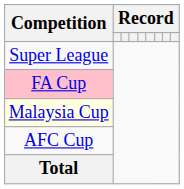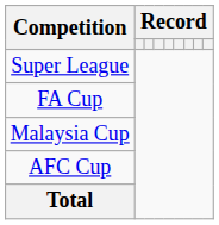 <table class="wikitable" style="text-align: center">
 <tr>
 <th rowspan=2>Competition</th>
 <th colspan=8>Record</th>
 </tr>
 <tr>
 <th></th>
 <th></th>
 <th></th>
 <th></th>
 <th></th>
 <th></th>
 <th></th>
 <th></th>
 </tr>
 <tr>
 <td><a href='#'>Super League</a><br></td>
 </tr>
 <tr>
-<td style="background: pink;"><a href='#'>FA Cup</a><br></td>
+<td><a href='#'>FA Cup</a><br></td>
 </tr>
 <tr>
-<td style="background: lightyellow;"><a href='#'>Malaysia Cup</a><br></td>
+<td><a href='#'>Malaysia Cup</a><br></td>
 </tr>
 <tr>
 <td><a href='#'>AFC Cup</a><br></td>
 </tr>
 <tr>
 <th>Total<br></th>
 </tr>
 </table>
